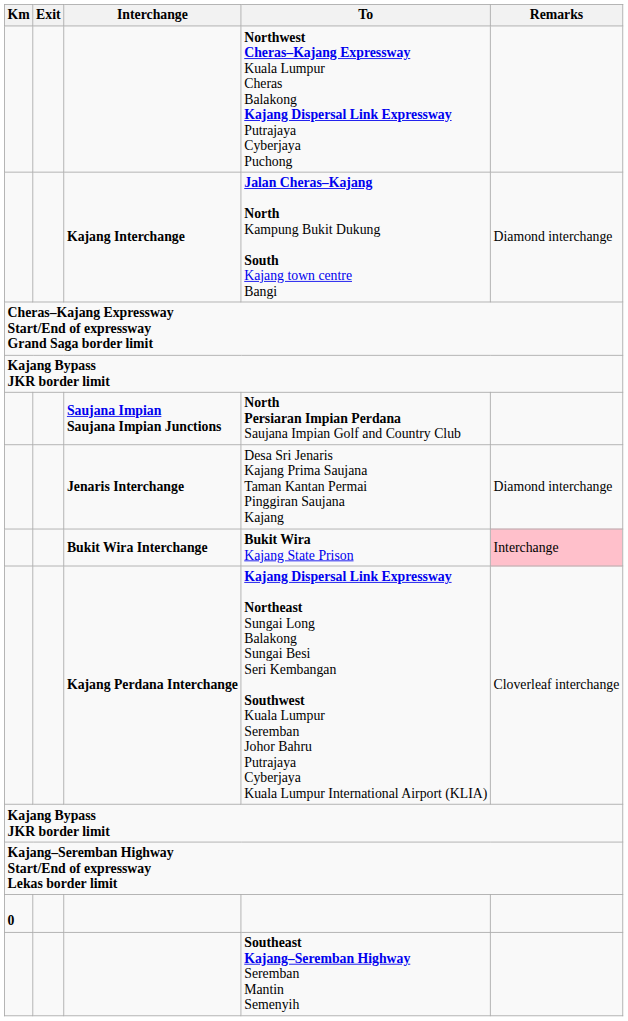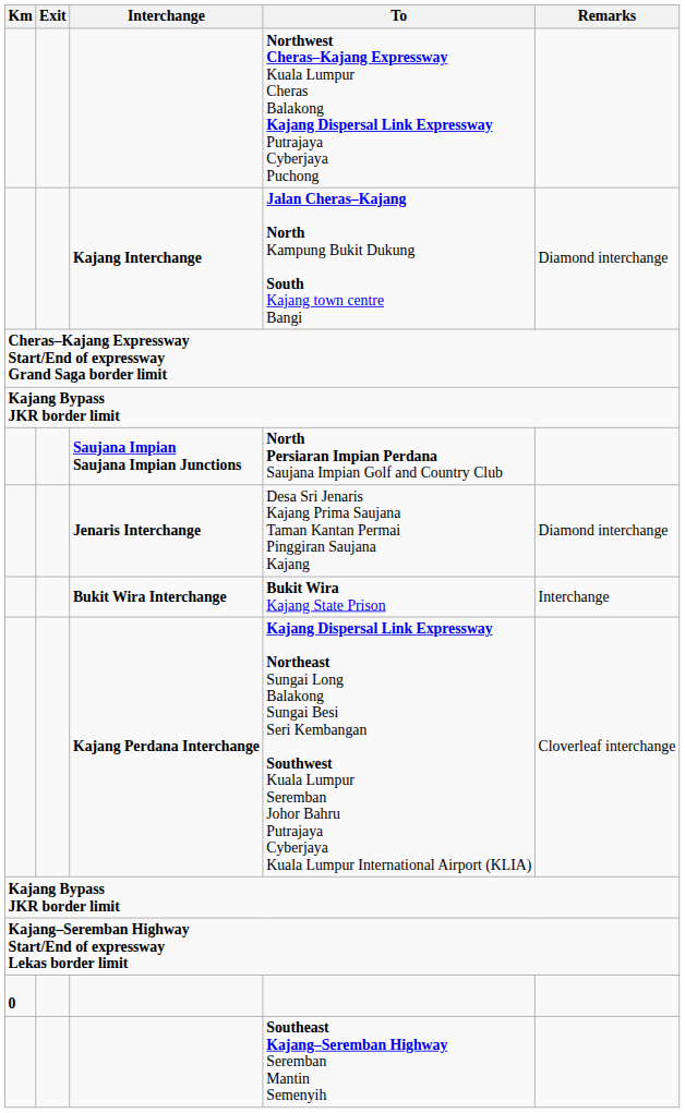 <table class="wikitable">
 <tr>
 <th>Km</th>
 <th>Exit</th>
 <th>Interchange</th>
 <th>To</th>
 <th>Remarks</th>
 </tr>
 <tr>
 <td></td>
 <td></td>
 <td></td>
 <td><strong>Northwest</strong><br> <strong><a href='#'>Cheras–Kajang Expressway</a></strong><br>Kuala Lumpur<br>Cheras<br>Balakong<br> <strong><a href='#'>Kajang Dispersal Link Expressway</a></strong><br>Putrajaya<br>Cyberjaya<br>Puchong</td>
 <td></td>
 </tr>
 <tr>
 <td></td>
 <td></td>
 <td><strong>Kajang Interchange</strong></td>
 <td> <strong><a href='#'>Jalan Cheras–Kajang</a></strong><br><br><strong>North</strong><br>Kampung Bukit Dukung<br><br><strong>South</strong><br> <a href='#'>Kajang town centre</a><br> Bangi</td>
 <td>Diamond interchange</td>
 </tr>
 <tr>
 <td style="width:600px" colspan="6" style="text-align:center; background:green;"><strong><span> Cheras–Kajang Expressway<br>Start/End of expressway<br>Grand Saga border limit</span></strong></td>
 </tr>
 <tr>
 <td style="width:600px" colspan="6" style="text-align:center; background:blue;"><strong><span> Kajang Bypass<br>JKR border limit</span></strong></td>
 </tr>
 <tr>
 <td></td>
 <td></td>
 <td><strong><a href='#'>Saujana Impian</a></strong><br><strong>Saujana Impian Junctions</strong></td>
 <td><strong>North</strong><br><strong>Persiaran Impian Perdana</strong><br>Saujana Impian Golf and Country Club</td>
 <td></td>
 </tr>
 <tr>
 <td></td>
 <td></td>
 <td><strong>Jenaris Interchange</strong></td>
 <td>Desa Sri Jenaris<br>Kajang Prima Saujana<br>Taman Kantan Permai<br>Pinggiran Saujana<br>Kajang</td>
 <td>Diamond interchange</td>
 </tr>
 <tr>
 <td></td>
 <td></td>
 <td><strong>Bukit Wira Interchange</strong></td>
 <td><strong>Bukit Wira</strong><br><a href='#'>Kajang State Prison</a></td>
-<td style="background: pink;">Interchange</td>
+<td>Interchange</td>
 </tr>
 <tr>
 <td></td>
 <td></td>
 <td><strong>Kajang Perdana Interchange</strong></td>
 <td> <strong><a href='#'>Kajang Dispersal Link Expressway</a></strong><br><br><strong>Northeast</strong><br>Sungai Long<br>Balakong<br>Sungai Besi<br>Seri Kembangan<br><br><strong>Southwest</strong><br>Kuala Lumpur<br>Seremban<br>Johor Bahru<br>Putrajaya<br>Cyberjaya<br>Kuala Lumpur International Airport (KLIA) </td>
 <td>Cloverleaf interchange</td>
 </tr>
 <tr>
 <td style="width:600px" colspan="6" style="text-align:center; background:blue;"><strong><span> Kajang Bypass<br>JKR border limit</span></strong></td>
 </tr>
 <tr>
 <td style="width:600px" colspan="6" style="text-align:center; background:green;"><strong><span> Kajang–Seremban Highway<br>Start/End of expressway<br>Lekas border limit</span></strong></td>
 </tr>
 <tr>
 <td><br><strong>0</strong></td>
 <td></td>
 <td></td>
 <td></td>
 <td></td>
 </tr>
 <tr>
 <td></td>
 <td></td>
 <td></td>
 <td><strong>Southeast</strong><br> <strong><a href='#'>Kajang–Seremban Highway</a></strong><br>Seremban<br>Mantin<br>Semenyih</td>
 <td></td>
 </tr>
 </table>
